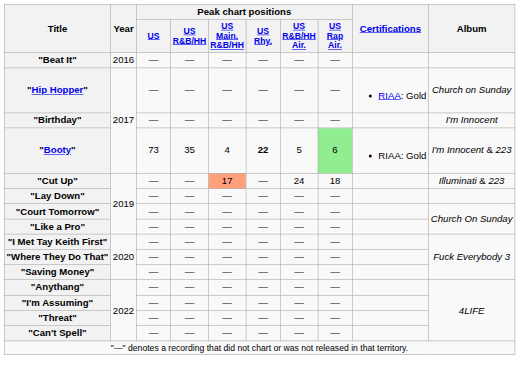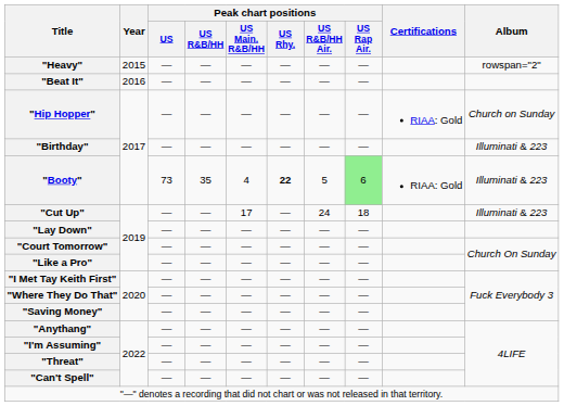 <table class="wikitable plainrowheaders" style="text-align:center;">
 <tr>
 <th scope="col" rowspan="2">Title</th>
 <th scope="col" rowspan="2">Year</th>
 <th scope="col" colspan="6">Peak chart positions</th>
 <th scope="col" rowspan="2"><a href='#'>Certifications</a></th>
 <th scope="col" rowspan="2">Album</th>
 </tr>
 <tr>
 <th scope="col" style="width:3.5em;font-size:90%;"><a href='#'>US</a><br></th>
 <th scope="col" style="width:3em;font-size:90%;"><a href='#'>US R&B/HH</a><br></th>
 <th scope="col" style="width:3.5em;font-size:90%;"><a href='#'>US<br>Main.<br>R&B/HH</a><br></th>
 <th scope="col" style="width:3.5em;font-size:90%;"><a href='#'>US<br>Rhy.</a><br></th>
 <th scope="col" style="width:3.5em;font-size:90%;"><a href='#'>US<br>R&B/HH<br>Air.</a><br></th>
 <th scope="col" style="width:3.5em;font-size:90%;"><a href='#'>US<br>Rap<br>Air.</a><br></th>
+</tr>
+<tr>
+<th scope="row">"Heavy"<br></th>
+<td>2015</td>
+<td>—</td>
+<td>—</td>
+<td>—</td>
+<td>—</td>
+<td>—</td>
+<td>—</td>
+<td></td>
+<td>rowspan="2" </td>
 </tr>
 <tr>
 <th scope="row">"Beat It"<br></th>
 <td>2016</td>
 <td>—</td>
 <td>—</td>
 <td>—</td>
 <td>—</td>
 <td>—</td>
 <td>—</td>
 <td></td>
 </tr>
 <tr>
 <th scope="row">"<a href='#'>Hip Hopper</a>"<br></th>
 <td rowspan="3">2017</td>
 <td>—</td>
 <td>—</td>
 <td>—</td>
 <td>—</td>
 <td>—</td>
 <td>—</td>
 <td><br><ul><li><a href='#'>RIAA</a>: Gold</li></ul></td>
 <td><em>Church on Sunday</em></td>
 </tr>
 <tr>
 <th scope="row">"Birthday"</th>
 <td>—</td>
 <td>—</td>
 <td>—</td>
 <td>—</td>
 <td>—</td>
 <td>—</td>
 <td></td>
-<td><em>I'm Innocent</em></td>
+<td><em>Illuminati</em> & <em>223</em></td>
 </tr>
 <tr>
 <th scope="row">"<a href='#'>Booty</a>"</th>
 <td>73</td>
 <td>35</td>
 <td>4</td>
 <td><strong>22</strong></td>
 <td>5</td>
 <td style="background: lightgreen;">6</td>
 <td><br><ul><li>RIAA: Gold</li></ul></td>
-<td><em>I'm Innocent</em> & <em>223</em></td>
+<td><em>Illuminati</em> & <em>223</em></td>
 </tr>
 <tr>
 <th scope="row">"Cut Up"<br></th>
 <td rowspan="4">2019</td>
 <td>—</td>
 <td>—</td>
-<td style="background: lightsalmon;">17</td>
+<td>17</td>
 <td>—</td>
 <td>24</td>
 <td>18</td>
 <td></td>
 <td><em>Illuminati</em> & <em>223</em></td>
 </tr>
 <tr>
 <th scope="row">"Lay Down"</th>
 <td>—</td>
 <td>—</td>
 <td>—</td>
 <td>—</td>
 <td>—</td>
 <td>—</td>
 <td></td>
 <td></td>
 </tr>
 <tr>
 <th scope="row">"Court Tomorrow"</th>
 <td>—</td>
 <td>—</td>
 <td>—</td>
 <td>—</td>
 <td>—</td>
 <td>—</td>
 <td></td>
 <td rowspan="2"><em>Church On Sunday</em></td>
 </tr>
 <tr>
 <th scope="row">"Like a Pro"<br></th>
 <td>—</td>
 <td>—</td>
 <td>—</td>
 <td>—</td>
 <td>—</td>
 <td>—</td>
 <td></td>
 </tr>
 <tr>
 <th scope="row">"I Met Tay Keith First"<br></th>
 <td rowspan="3">2020</td>
 <td>—</td>
 <td>—</td>
 <td>—</td>
 <td>—</td>
 <td>—</td>
 <td>—</td>
 <td></td>
 <td rowspan="3"><em>Fuck Everybody 3</em></td>
 </tr>
 <tr>
 <th scope="row">"Where They Do That"</th>
 <td>—</td>
 <td>—</td>
 <td>—</td>
 <td>—</td>
 <td>—</td>
 <td>—</td>
 <td></td>
 </tr>
 <tr>
 <th scope="row">"Saving Money"<br></th>
 <td>—</td>
 <td>—</td>
 <td>—</td>
 <td>—</td>
 <td>—</td>
 <td>—</td>
 <td></td>
 </tr>
 <tr>
 <th scope="row">"Anythang"</th>
 <td rowspan="4">2022</td>
 <td>—</td>
 <td>—</td>
 <td>—</td>
 <td>—</td>
 <td>—</td>
 <td>—</td>
 <td></td>
 <td rowspan="4"><em>4LIFE</em></td>
 </tr>
 <tr>
 <th scope="row">"I'm Assuming"</th>
 <td>—</td>
 <td>—</td>
 <td>—</td>
 <td>—</td>
 <td>—</td>
 <td>—</td>
 <td></td>
 </tr>
 <tr>
 <th scope="row">"Threat"<br></th>
 <td>—</td>
 <td>—</td>
 <td>—</td>
 <td>—</td>
 <td>—</td>
 <td>—</td>
 <td></td>
 </tr>
 <tr>
 <th scope="row">"Can't Spell"</th>
 <td>—</td>
 <td>—</td>
 <td>—</td>
 <td>—</td>
 <td>—</td>
 <td>—</td>
 <td></td>
 </tr>
 <tr>
 <td colspan="10" style="font-size:90%">"—" denotes a recording that did not chart or was not released in that territory.</td>
 </tr>
 </table>
